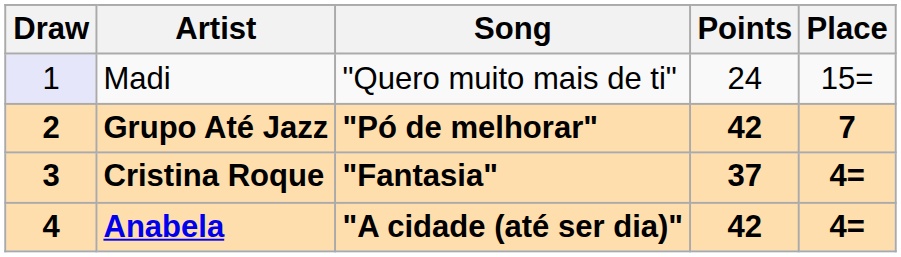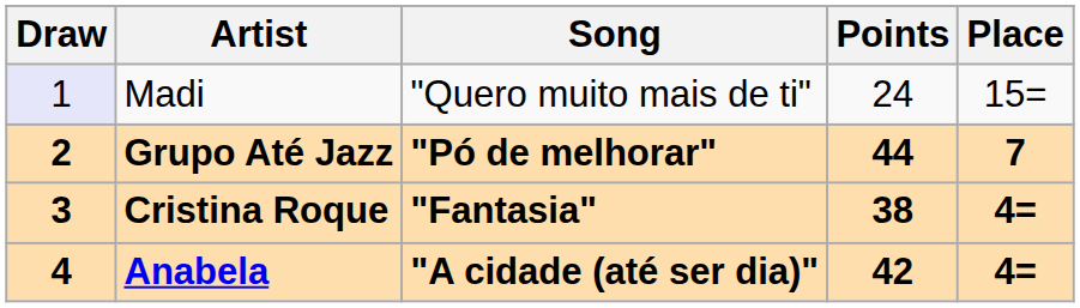 <table class="sortable wikitable" style="margin: 1em auto 1em auto; text-align:center">
 <tr>
 <th>Draw</th>
 <th>Artist</th>
 <th>Song</th>
 <th>Points</th>
 <th>Place</th>
 </tr>
 <tr>
 <td style="background: lavender;">1</td>
 <td align="left">Madi</td>
 <td align="left">"Quero muito mais de ti"</td>
 <td>24</td>
 <td>15=</td>
 </tr>
 <tr style="font-weight:bold;background:navajowhite;">
 <td>2</td>
 <td align="left">Grupo Até Jazz</td>
 <td align="left">"Pó de melhorar"</td>
-<td>42</td>
+<td>44</td>
 <td>7</td>
 </tr>
 <tr style="font-weight:bold;background:navajowhite;">
 <td>3</td>
 <td align="left">Cristina Roque</td>
 <td align="left">"Fantasia"</td>
-<td>37</td>
+<td>38</td>
 <td>4=</td>
 </tr>
 <tr style="font-weight:bold;background:navajowhite;">
 <td>4</td>
 <td align="left"><a href='#'>Anabela</a></td>
 <td align="left">"A cidade (até ser dia)"</td>
 <td>42</td>
 <td>4=</td>
 </tr>
 </table>
